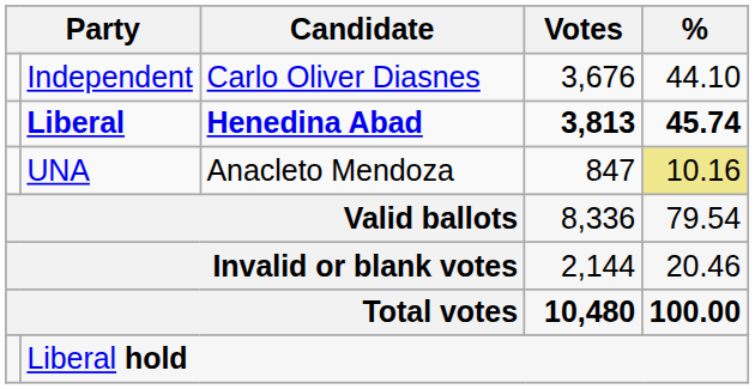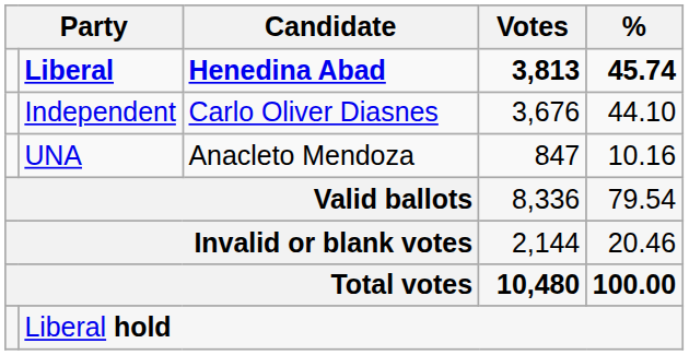 <table class="wikitable" style="font-size:90%; text-align:right;">
 <tr>
 <th colspan="2" style="width:75px;">Party</th>
 <th style="width:150px;">Candidate</th>
 <th style="width:50px;">Votes</th>
 <th style="width:10px;">%</th>
+</tr>
+<tr>
+<td style="background:"></td>
+<td style="text-align:left;"><strong><a href='#'>Liberal</a></strong></td>
+<td style="text-align:left;"><strong><a href='#'>Henedina Abad</a></strong></td>
+<td><strong>3,813</strong></td>
+<td><strong>45.74</strong></td>
 </tr>
 <tr>
 <td style="background:"></td>
 <td style="text-align:left;"><a href='#'>Independent</a></td>
 <td style="text-align:left;"><a href='#'>Carlo Oliver Diasnes</a></td>
 <td>3,676</td>
 <td>44.10</td>
 </tr>
 <tr>
 <td style="background:"></td>
-<td style="text-align:left;"><strong><a href='#'>Liberal</a></strong></td>
-<td style="text-align:left;"><strong><a href='#'>Henedina Abad</a></strong></td>
-<td><strong>3,813</strong></td>
-<td><strong>45.74</strong></td>
-</tr>
-<tr>
-<td style="background:"></td>
 <td style="text-align:left;"><a href='#'>UNA</a></td>
 <td style="text-align:left;">Anacleto Mendoza</td>
 <td>847</td>
-<td style="background: khaki;">10.16</td>
+<td>10.16</td>
 </tr>
 <tr style="background-color:#F6F6F6">
 <th colspan="3" style="text-align:right;">Valid ballots</th>
 <td>8,336</td>
 <td>79.54</td>
 </tr>
 <tr style="background-color:#F6F6F6">
 <th colspan="3" style="text-align:right;">Invalid or blank votes</th>
 <td>2,144</td>
 <td>20.46</td>
 </tr>
 <tr style="background-color:#F6F6F6">
 <th colspan="3" style="text-align:right;">Total votes</th>
 <td><strong>10,480</strong></td>
 <td><strong>100.00</strong></td>
 </tr>
 <tr style="background-color:#F6F6F6">
 <td style="background:"></td>
 <td colspan="4" style="text-align:left;"><a href='#'>Liberal</a> <strong>hold</strong></td>
 </tr>
 </table>
